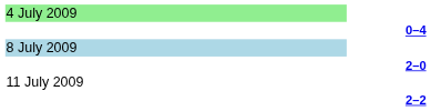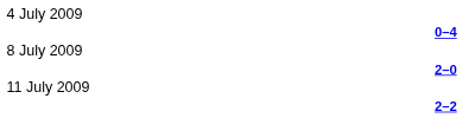 <table width=100% cellspacing=1>
 <tr>
 <th width=25%></th>
 <th width=10%></th>
 <th></th>
 </tr>
 <tr>
-<td style="background: lightgreen;">4 July 2009</td>
+<td>4 July 2009</td>
 </tr>
 <tr style="font-size:90%; font-weight:bold;">
 <td align=right><strong></strong></td>
 <td align=center><a href='#'>0–4</a></td>
 <td><strong></strong></td>
 </tr>
 <tr>
-<td style="background: lightblue;">8 July 2009</td>
+<td>8 July 2009</td>
 </tr>
 <tr style="font-size:90%; font-weight:bold;">
 <td align=right><strong></strong></td>
 <td align=center><a href='#'>2–0</a></td>
 <td><strong></strong></td>
 </tr>
 <tr>
 <td>11 July 2009</td>
 </tr>
 <tr style="font-size:90%; font-weight:bold;">
 <td align=right><strong></strong></td>
 <td align=center><a href='#'>2–2</a></td>
 <td><strong></strong></td>
 </tr>
 </table>
